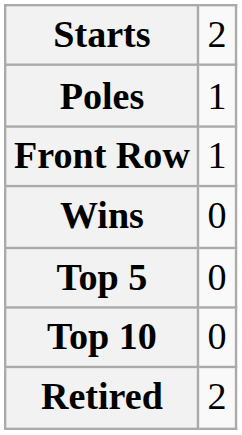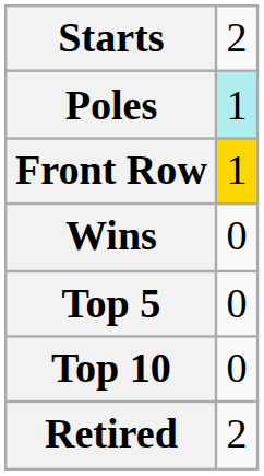 <table class="wikitable" style="text-align:center">
 <tr>
 <th>Starts</th>
 <td>2</td>
 </tr>
 <tr>
 <th>Poles</th>
-<td>1</td>
+<td style="background: paleturquoise;">1</td>
 </tr>
 <tr>
 <th>Front Row</th>
-<td>1</td>
+<td style="background: gold;">1</td>
 </tr>
 <tr>
 <th>Wins</th>
 <td>0</td>
 </tr>
 <tr>
 <th>Top 5</th>
 <td>0</td>
 </tr>
 <tr>
 <th>Top 10</th>
 <td>0</td>
 </tr>
 <tr>
 <th>Retired</th>
 <td>2</td>
 </tr>
 </table>
